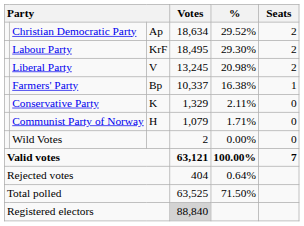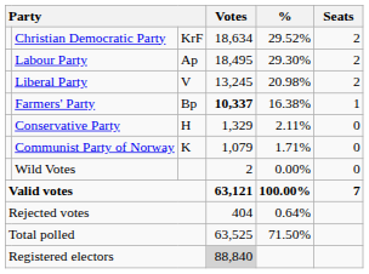 <table class="wikitable" border="1" style="text-align:right;">
 <tr>
 <th style="text-align:left;" colspan=3>Party</th>
 <th align=center width="50">Votes</th>
 <th align=center width="50">%</th>
 <th align=center width="50">Seats</th>
 </tr>
 <tr>
 <td style="color:inherit;background:"></td>
 <td align=left><a href='#'>Christian Democratic Party</a></td>
-<td align=left>Ap</td>
+<td align=left>KrF</td>
 <td>18,634</td>
 <td>29.52%</td>
 <td>2</td>
 </tr>
 <tr>
 <td style="color:inherit;background:"></td>
 <td align=left><a href='#'>Labour Party</a></td>
-<td align=left>KrF</td>
+<td align=left>Ap</td>
 <td>18,495</td>
 <td>29.30%</td>
 <td>2</td>
 </tr>
 <tr>
 <td style="color:inherit;background:"></td>
 <td align=left><a href='#'>Liberal Party</a></td>
 <td align=left>V</td>
 <td>13,245</td>
 <td>20.98%</td>
 <td>2</td>
 </tr>
 <tr>
 <td style="color:inherit;background:"></td>
 <td align=left><a href='#'>Farmers' Party</a></td>
 <td align=left>Bp</td>
-<td>10,337</td>
+<td><strong>10,337</strong></td>
 <td>16.38%</td>
 <td>1</td>
 </tr>
 <tr>
 <td style="color:inherit;background:"></td>
 <td align=left><a href='#'>Conservative Party</a></td>
-<td align=left>K</td>
+<td align=left>H</td>
 <td>1,329</td>
 <td>2.11%</td>
 <td>0</td>
 </tr>
 <tr>
 <td style="color:inherit;background:"></td>
 <td align=left><a href='#'>Communist Party of Norway</a></td>
-<td align=left>H</td>
+<td align=left>K</td>
 <td>1,079</td>
 <td>1.71%</td>
 <td>0</td>
 </tr>
 <tr>
 <td></td>
 <td align=left>Wild Votes</td>
 <td align=left></td>
 <td>2</td>
 <td>0.00%</td>
 <td>0</td>
 </tr>
 <tr style="font-weight:bold">
 <td align=left colspan=3>Valid votes</td>
 <td>63,121</td>
 <td>100.00%</td>
 <td>7</td>
 </tr>
 <tr>
 <td align=left colspan=3>Rejected votes</td>
 <td>404</td>
 <td>0.64%</td>
 <td></td>
 </tr>
 <tr>
 <td align=left colspan=3>Total polled</td>
 <td>63,525</td>
 <td>71.50%</td>
 <td></td>
 </tr>
 <tr>
 <td align=left colspan=3>Registered electors</td>
 <td style="background: lightgrey;">88,840</td>
 <td></td>
 <td></td>
 </tr>
 </table>
